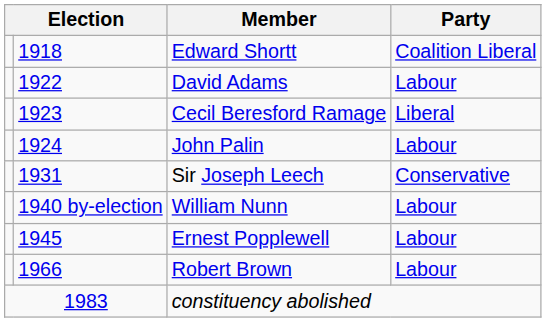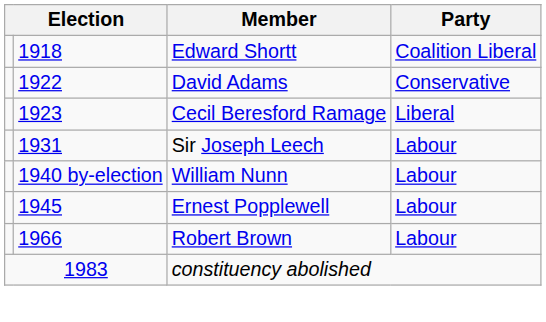 <table class="wikitable">
 <tr>
 <th colspan="2">Election</th>
 <th>Member</th>
 <th>Party</th>
 </tr>
 <tr>
 <td style="color:inherit;background-color: "></td>
 <td><a href='#'>1918</a></td>
 <td><a href='#'>Edward Shortt</a></td>
 <td><a href='#'>Coalition Liberal</a></td>
 </tr>
 <tr>
 <td style="color:inherit;background-color: "></td>
 <td><a href='#'>1922</a></td>
 <td><a href='#'>David Adams</a></td>
-<td><a href='#'>Labour</a></td>
+<td><a href='#'>Conservative</a></td>
 </tr>
 <tr>
 <td style="color:inherit;background-color: "></td>
 <td><a href='#'>1923</a></td>
 <td><a href='#'>Cecil Beresford Ramage</a></td>
 <td><a href='#'>Liberal</a></td>
 </tr>
 <tr>
 <td style="color:inherit;background-color: "></td>
-<td><a href='#'>1924</a></td>
-<td><a href='#'>John Palin</a></td>
-<td><a href='#'>Labour</a></td>
-</tr>
-<tr>
-<td style="color:inherit;background-color: "></td>
 <td><a href='#'>1931</a></td>
 <td>Sir <a href='#'>Joseph Leech</a></td>
-<td><a href='#'>Conservative</a></td>
+<td><a href='#'>Labour</a></td>
 </tr>
 <tr>
 <td style="color:inherit;background-color: "></td>
 <td><a href='#'>1940 by-election</a></td>
 <td><a href='#'>William Nunn</a></td>
 <td><a href='#'>Labour</a></td>
 </tr>
 <tr>
 <td style="color:inherit;background-color: "></td>
 <td><a href='#'>1945</a></td>
 <td><a href='#'>Ernest Popplewell</a></td>
 <td><a href='#'>Labour</a></td>
 </tr>
 <tr>
 <td style="color:inherit;background-color: "></td>
 <td><a href='#'>1966</a></td>
 <td><a href='#'>Robert Brown</a></td>
 <td><a href='#'>Labour</a></td>
 </tr>
 <tr>
 <td colspan="2" align="center"><a href='#'>1983</a></td>
 <td colspan="2"><em>constituency abolished</em></td>
 </tr>
 </table>
